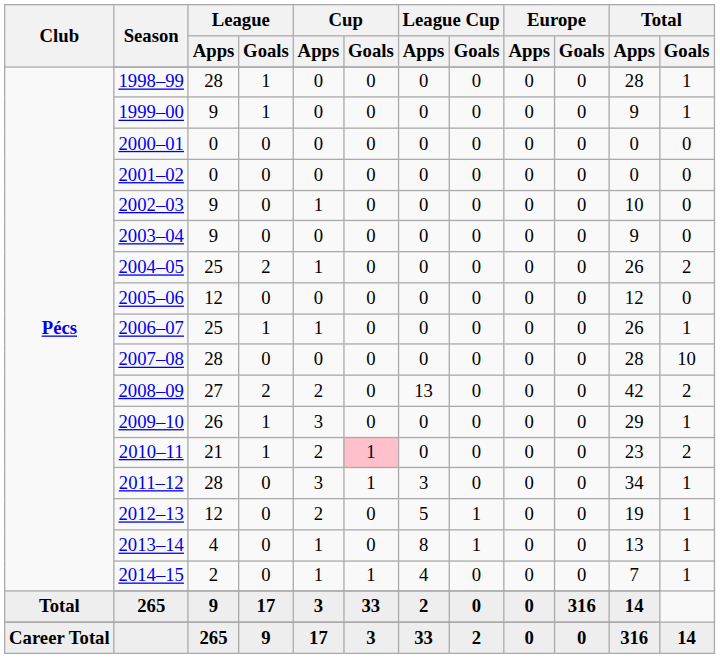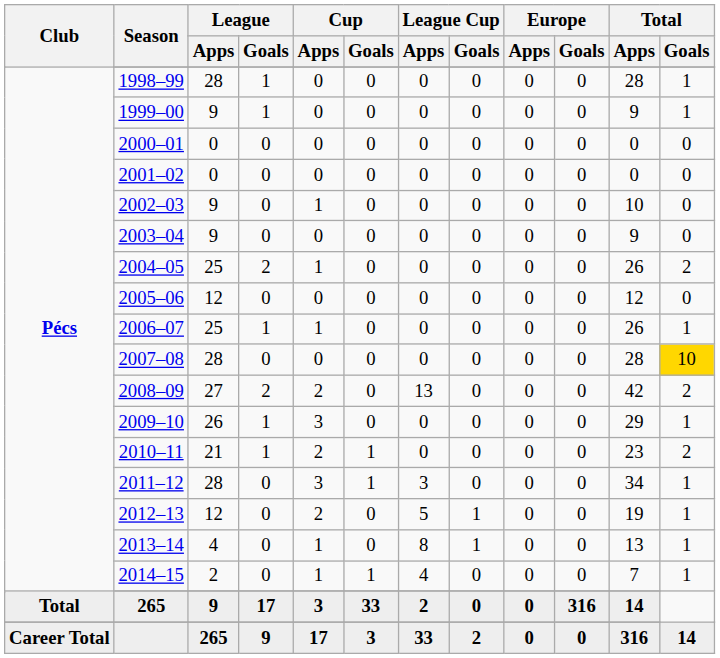 <table class="wikitable" style="font-size:90%; text-align: center;">
 <tr>
 <th rowspan="2">Club</th>
 <th rowspan="2">Season</th>
 <th colspan="2">League</th>
 <th colspan="2">Cup</th>
 <th colspan="2">League Cup</th>
 <th colspan="2">Europe</th>
 <th colspan="2">Total</th>
 </tr>
 <tr>
 <th>Apps</th>
 <th>Goals</th>
 <th>Apps</th>
 <th>Goals</th>
 <th>Apps</th>
 <th>Goals</th>
 <th>Apps</th>
 <th>Goals</th>
 <th>Apps</th>
 <th>Goals</th>
 </tr>
 <tr ||-||-||-|->
 <td rowspan="19" valign="center"><strong><a href='#'>Pécs</a></strong></td>
 </tr>
 <tr>
 <td><a href='#'>1998–99</a></td>
 <td>28</td>
 <td>1</td>
 <td>0</td>
 <td>0</td>
 <td>0</td>
 <td>0</td>
 <td>0</td>
 <td>0</td>
 <td>28</td>
 <td>1</td>
 </tr>
 <tr>
 <td><a href='#'>1999–00</a></td>
 <td>9</td>
 <td>1</td>
 <td>0</td>
 <td>0</td>
 <td>0</td>
 <td>0</td>
 <td>0</td>
 <td>0</td>
 <td>9</td>
 <td>1</td>
 </tr>
 <tr>
 <td><a href='#'>2000–01</a></td>
 <td>0</td>
 <td>0</td>
 <td>0</td>
 <td>0</td>
 <td>0</td>
 <td>0</td>
 <td>0</td>
 <td>0</td>
 <td>0</td>
 <td>0</td>
 </tr>
 <tr>
 <td><a href='#'>2001–02</a></td>
 <td>0</td>
 <td>0</td>
 <td>0</td>
 <td>0</td>
 <td>0</td>
 <td>0</td>
 <td>0</td>
 <td>0</td>
 <td>0</td>
 <td>0</td>
 </tr>
 <tr>
 <td><a href='#'>2002–03</a></td>
 <td>9</td>
 <td>0</td>
 <td>1</td>
 <td>0</td>
 <td>0</td>
 <td>0</td>
 <td>0</td>
 <td>0</td>
 <td>10</td>
 <td>0</td>
 </tr>
 <tr>
 <td><a href='#'>2003–04</a></td>
 <td>9</td>
 <td>0</td>
 <td>0</td>
 <td>0</td>
 <td>0</td>
 <td>0</td>
 <td>0</td>
 <td>0</td>
 <td>9</td>
 <td>0</td>
 </tr>
 <tr>
 <td><a href='#'>2004–05</a></td>
 <td>25</td>
 <td>2</td>
 <td>1</td>
 <td>0</td>
 <td>0</td>
 <td>0</td>
 <td>0</td>
 <td>0</td>
 <td>26</td>
 <td>2</td>
 </tr>
 <tr>
 <td><a href='#'>2005–06</a></td>
 <td>12</td>
 <td>0</td>
 <td>0</td>
 <td>0</td>
 <td>0</td>
 <td>0</td>
 <td>0</td>
 <td>0</td>
 <td>12</td>
 <td>0</td>
 </tr>
 <tr>
 <td><a href='#'>2006–07</a></td>
 <td>25</td>
 <td>1</td>
 <td>1</td>
 <td>0</td>
 <td>0</td>
 <td>0</td>
 <td>0</td>
 <td>0</td>
 <td>26</td>
 <td>1</td>
 </tr>
 <tr>
 <td><a href='#'>2007–08</a></td>
 <td>28</td>
 <td>0</td>
 <td>0</td>
 <td>0</td>
 <td>0</td>
 <td>0</td>
 <td>0</td>
 <td>0</td>
 <td>28</td>
-<td>10</td>
+<td style="background: gold;">10</td>
 </tr>
 <tr>
 <td><a href='#'>2008–09</a></td>
 <td>27</td>
 <td>2</td>
 <td>2</td>
 <td>0</td>
 <td>13</td>
 <td>0</td>
 <td>0</td>
 <td>0</td>
 <td>42</td>
 <td>2</td>
 </tr>
 <tr>
 <td><a href='#'>2009–10</a></td>
 <td>26</td>
 <td>1</td>
 <td>3</td>
 <td>0</td>
 <td>0</td>
 <td>0</td>
 <td>0</td>
 <td>0</td>
 <td>29</td>
 <td>1</td>
 </tr>
 <tr>
 <td><a href='#'>2010–11</a></td>
 <td>21</td>
 <td>1</td>
 <td>2</td>
-<td style="background: pink;">1</td>
+<td>1</td>
 <td>0</td>
 <td>0</td>
 <td>0</td>
 <td>0</td>
 <td>23</td>
 <td>2</td>
 </tr>
 <tr>
 <td><a href='#'>2011–12</a></td>
 <td>28</td>
 <td>0</td>
 <td>3</td>
 <td>1</td>
 <td>3</td>
 <td>0</td>
 <td>0</td>
 <td>0</td>
 <td>34</td>
 <td>1</td>
 </tr>
 <tr>
 <td><a href='#'>2012–13</a></td>
 <td>12</td>
 <td>0</td>
 <td>2</td>
 <td>0</td>
 <td>5</td>
 <td>1</td>
 <td>0</td>
 <td>0</td>
 <td>19</td>
 <td>1</td>
 </tr>
 <tr>
 <td><a href='#'>2013–14</a></td>
 <td>4</td>
 <td>0</td>
 <td>1</td>
 <td>0</td>
 <td>8</td>
 <td>1</td>
 <td>0</td>
 <td>0</td>
 <td>13</td>
 <td>1</td>
 </tr>
 <tr>
 <td><a href='#'>2014–15</a></td>
 <td>2</td>
 <td>0</td>
 <td>1</td>
 <td>1</td>
 <td>4</td>
 <td>0</td>
 <td>0</td>
 <td>0</td>
 <td>7</td>
 <td>1</td>
 </tr>
 <tr>
 </tr>
 <tr style="font-weight:bold; background-color:#eeeeee;">
 <td>Total</td>
 <td>265</td>
 <td>9</td>
 <td>17</td>
 <td>3</td>
 <td>33</td>
 <td>2</td>
 <td>0</td>
 <td>0</td>
 <td>316</td>
 <td>14</td>
 </tr>
 <tr>
 </tr>
 <tr style="font-weight:bold; background-color:#eeeeee;">
 <td rowspan="2" valign="top"><strong>Career Total</strong></td>
 <td></td>
 <td><strong>265</strong></td>
 <td><strong>9</strong></td>
 <td><strong>17</strong></td>
 <td><strong>3</strong></td>
 <td><strong>33</strong></td>
 <td><strong>2</strong></td>
 <td><strong>0</strong></td>
 <td><strong>0</strong></td>
 <td><strong>316</strong></td>
 <td><strong>14</strong></td>
 </tr>
 </table>
